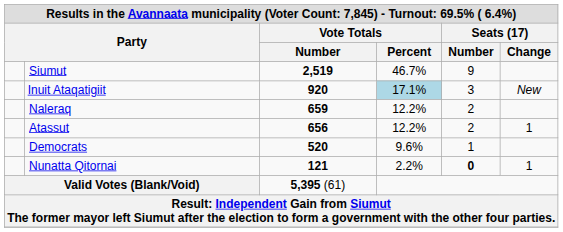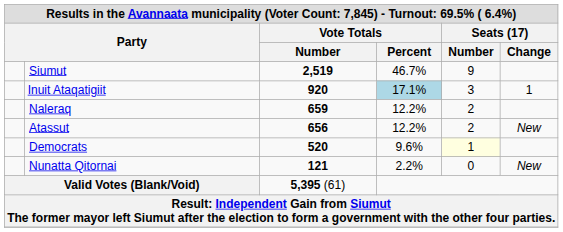 <table class="wikitable" style="margin-left:1em;">
 <tr>
 <th colspan="6" style="background:#dddddd; text-align:center;"><strong>Results in the <a href='#'>Avannaata</a> municipality</strong> (Voter Count: 7,845) - Turnout: 69.5% ( 6.4%)</th>
 </tr>
 <tr>
 <th colspan="2" rowspan="2">Party</th>
 <th colspan="2">Vote Totals</th>
 <th colspan="2">Seats (17)</th>
 </tr>
 <tr>
 <th>Number</th>
 <th style="width:80px;">Percent</th>
 <th style="width:70px;">Number</th>
 <th style="width:70px;">Change</th>
 </tr>
 <tr>
 <td style="background:"></td>
 <td style="padding-left:5px;"><a href='#'>Siumut</a></td>
 <td style="text-align:center;"><strong>2,519</strong></td>
 <td style="text-align:center;">46.7%</td>
 <td style="text-align:center;">9</td>
 <td style="text-align:center;"></td>
 </tr>
 <tr>
 <td style="width:20px; background:"></td>
 <td style="width:200px padding-left:5px;"><a href='#'>Inuit Ataqatigiit</a></td>
 <td style="text-align:center;"><strong>920</strong></td>
 <td style="background: lightblue; text-align:center;">17.1%</td>
 <td style="text-align:center;">3</td>
-<td style="text-align:center;"><em>New</em></td>
+<td style="text-align:center;"> 1</td>
 </tr>
 <tr>
 <td style="background:"></td>
 <td style="padding-left:5px;"><a href='#'>Naleraq</a></td>
 <td style="text-align:center;"><strong>659</strong></td>
 <td style="text-align:center;">12.2%</td>
 <td style="text-align:center;">2</td>
 <td style="text-align:center;"></td>
 </tr>
 <tr>
 <td style="background:"></td>
 <td style="padding-left:5px;"><a href='#'>Atassut</a></td>
 <td style="text-align:center;"><strong>656</strong></td>
 <td style="text-align:center;">12.2%</td>
 <td style="text-align:center;">2</td>
-<td style="text-align:center;"> 1</td>
+<td style="text-align:center;"><em>New</em></td>
 </tr>
 <tr>
 <td style="background:"></td>
 <td style="padding-left:5px;"><a href='#'>Democrats</a></td>
 <td style="text-align:center;"><strong>520</strong></td>
 <td style="text-align:center;">9.6%</td>
-<td style="text-align:center;">1</td>
+<td style="background: lightyellow; text-align:center;">1</td>
 <td style="text-align:center;"></td>
 </tr>
 <tr>
 <td style="background:"></td>
 <td style="padding-left:5px;"><a href='#'>Nunatta Qitornai</a></td>
 <td style="text-align:center;"><strong>121</strong></td>
 <td style="text-align:center;">2.2%</td>
-<td style="text-align:center;"><strong>0</strong></td>
-<td style="text-align:center;"> 1</td>
+<td style="text-align:center;">0</td>
+<td style="text-align:center;"><em>New</em></td>
 </tr>
 <tr>
 <th colspan="2" rowspan="1"><strong>Valid Votes</strong> (Blank/Void)</th>
 <td style="text-align:center;"><strong>5,395</strong> (61)</td>
 <td colspan="4"></td>
 </tr>
 <tr>
 <th colspan="6">Result: <a href='#'>Independent</a> Gain from <a href='#'>Siumut</a><br>The former mayor left Siumut after the election to form a government with the other four parties.</th>
 </tr>
 <tr>
 </tr>
 </table>
